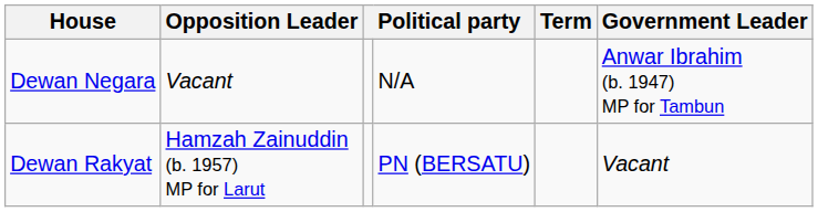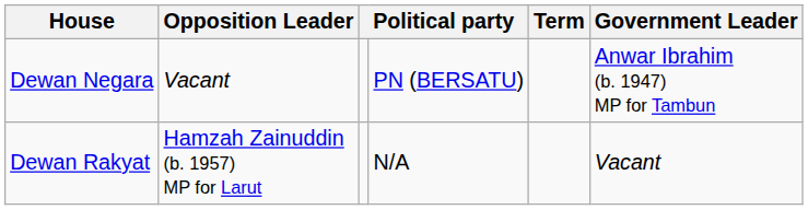 <table class=wikitable sortable>
 <tr>
 <th>House</th>
 <th>Opposition Leader</th>
 <th colspan=2>Political party</th>
 <th>Term</th>
 <th>Government Leader</th>
 </tr>
 <tr>
 <td><a href='#'>Dewan Negara</a></td>
 <td><em>Vacant</em></td>
 <td></td>
-<td>N/A</td>
+<td><a href='#'>PN</a> (<a href='#'>BERSATU</a>)</td>
 <td><br></td>
 <td><a href='#'>Anwar Ibrahim</a><br><small>(b. 1947)<br>MP for <a href='#'>Tambun</a></small></td>
 </tr>
 <tr>
 <td><a href='#'>Dewan Rakyat</a></td>
 <td><a href='#'>Hamzah Zainuddin</a><br><small>(b. 1957)</small><br><small>MP for <a href='#'>Larut</a></small></td>
 <td></td>
-<td><a href='#'>PN</a> (<a href='#'>BERSATU</a>)</td>
+<td>N/A</td>
 <td><br> </td>
 <td><em>Vacant</em></td>
 </tr>
 </table>
